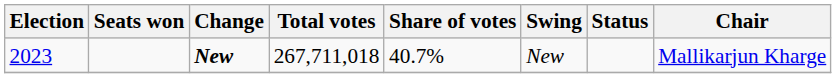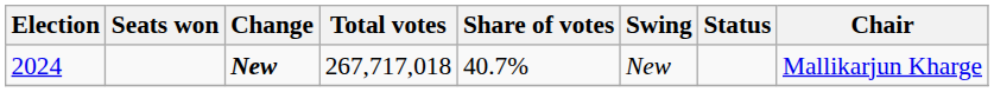 <table class="wikitable sortable">
 <tr>
 <th align=center>Election</th>
 <th>Seats won</th>
 <th>Change</th>
 <th>Total votes</th>
 <th>Share of votes</th>
 <th>Swing</th>
 <th align=center>Status</th>
 <th>Chair</th>
 </tr>
 <tr>
-<td><a href='#'>2023</a></td>
+<td><a href='#'>2024</a></td>
 <td></td>
 <td><strong><em>New</em></strong></td>
-<td>267,711,018</td>
+<td>267,717,018</td>
 <td>40.7%</td>
 <td><em>New</em></td>
 <td></td>
 <td><a href='#'>Mallikarjun Kharge</a></td>
 </tr>
 <tr>
 </tr>
 </table>
